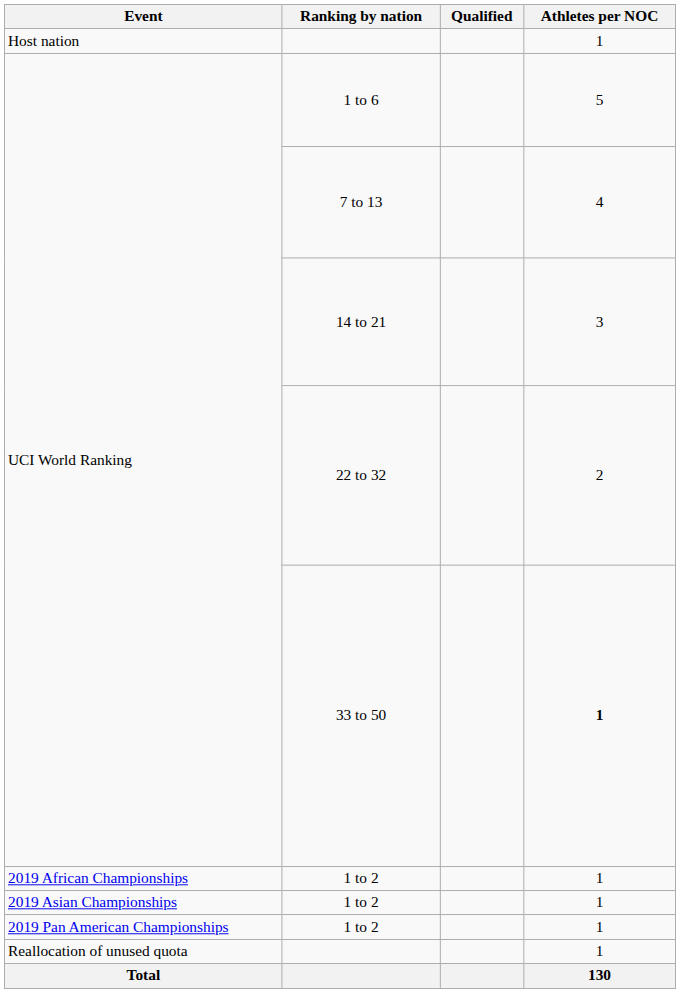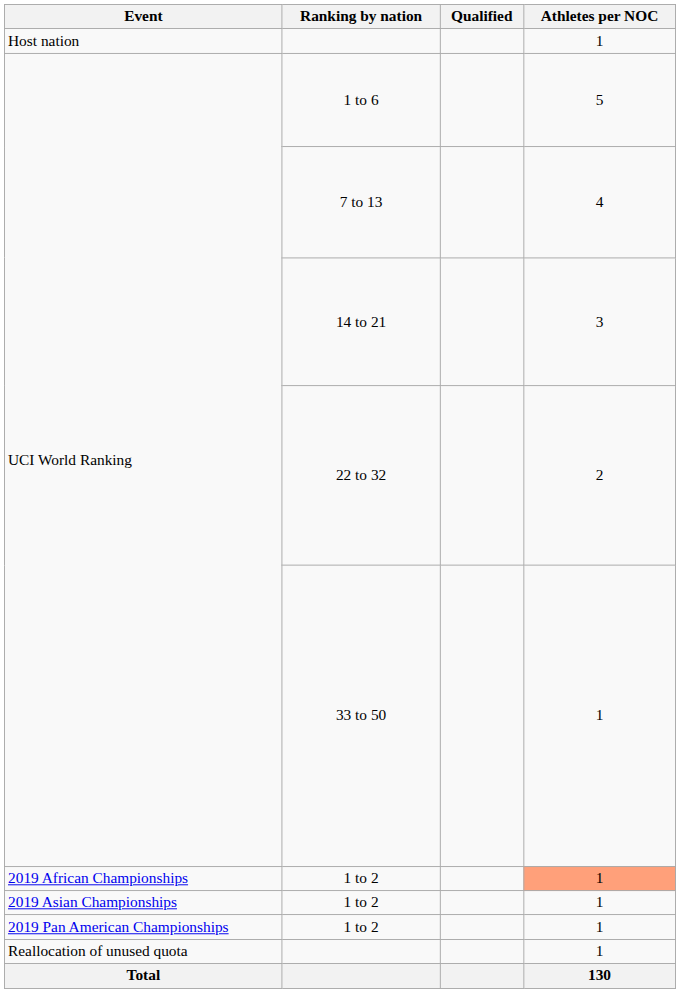 <table class="wikitable"  style="width:700px; text-align:center;">
 <tr>
 <th>Event</th>
 <th>Ranking by nation</th>
 <th>Qualified</th>
 <th>Athletes per NOC</th>
 </tr>
 <tr>
 <td align=left>Host nation</td>
 <td></td>
 <td align="left"></td>
 <td>1</td>
 </tr>
 <tr>
 <td rowspan=5 align=left>UCI World Ranking</td>
 <td>1 to 6</td>
 <td align="left"><br><br><br><br><br></td>
 <td>5</td>
 </tr>
 <tr>
 <td>7 to 13</td>
 <td align="left"><br><br><br><br><br><br></td>
 <td>4</td>
 </tr>
 <tr>
 <td>14 to 21</td>
 <td align="left"><br><br><br> <br><br><br><br></td>
 <td>3</td>
 </tr>
 <tr>
 <td>22 to 32</td>
 <td align="left"><br><br><br><br><br><br><br><br><br><br></td>
 <td>2</td>
 </tr>
 <tr>
 <td>33 to 50</td>
 <td align="left"><br><br><br><br><br><br><s></s><br><br><br><br><br><br><br><br><br><br><br></td>
-<td><strong>1</strong></td>
+<td>1</td>
 </tr>
 <tr>
 <td align=left><a href='#'>2019 African Championships</a></td>
 <td>1 to 2</td>
 <td align="left"><br></td>
-<td>1</td>
+<td style="background: lightsalmon;">1</td>
 </tr>
 <tr>
 <td align=left><a href='#'>2019 Asian Championships</a></td>
 <td>1 to 2</td>
 <td align="left"><br></td>
 <td>1</td>
 </tr>
 <tr>
 <td align=left><a href='#'>2019 Pan American Championships</a></td>
 <td>1 to 2</td>
 <td align="left"><br></td>
 <td>1</td>
 </tr>
 <tr>
 <td align=left>Reallocation of unused quota</td>
 <td></td>
 <td align="left"><br></td>
 <td>1</td>
 </tr>
 <tr>
 <th>Total</th>
 <th></th>
 <th></th>
 <th>130</th>
 </tr>
 </table>
